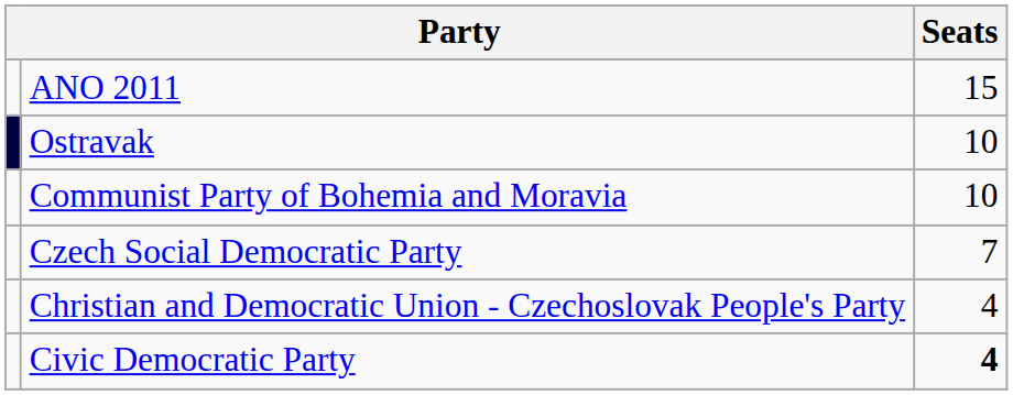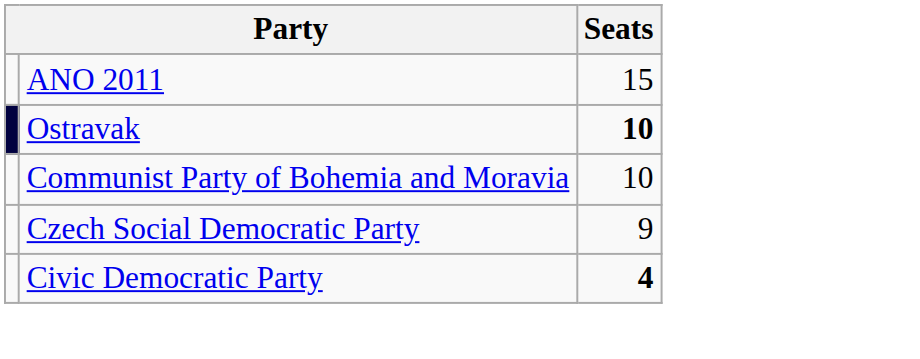 <table class=wikitable style=text-align:right>
 <tr>
 <th colspan=2>Party</th>
 <th>Seats</th>
 </tr>
 <tr>
 <td></td>
 <td align=left><a href='#'>ANO 2011</a></td>
 <td>15</td>
 </tr>
 <tr>
 <td bgcolor="background:#8b0000; width:40px;"></td>
 <td align=left><a href='#'>Ostravak</a></td>
-<td>10</td>
+<td><strong>10</strong></td>
 </tr>
 <tr>
 <td></td>
 <td align=left><a href='#'>Communist Party of Bohemia and Moravia</a></td>
 <td>10</td>
 </tr>
 <tr>
 <td></td>
 <td align=left><a href='#'>Czech Social Democratic Party</a></td>
-<td>7</td>
-</tr>
-<tr>
-<td></td>
-<td align=left><a href='#'>Christian and Democratic Union - Czechoslovak People's Party</a></td>
-<td>4</td>
+<td>9</td>
 </tr>
 <tr>
 <td></td>
 <td align=left><a href='#'>Civic Democratic Party</a></td>
 <td><strong>4</strong></td>
 </tr>
 </table>
